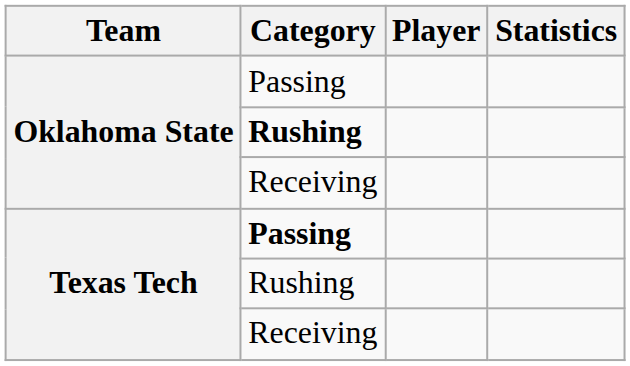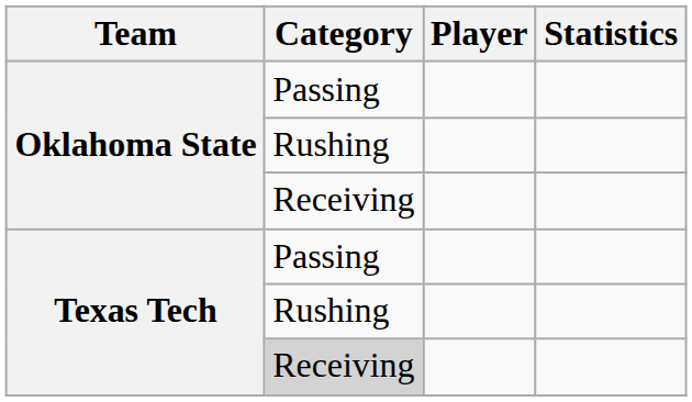 <table class="wikitable" style="float:right">
 <tr>
 <th>Team</th>
 <th>Category</th>
 <th>Player</th>
 <th>Statistics</th>
 </tr>
 <tr>
 <th rowspan=3>Oklahoma State</th>
 <td>Passing</td>
 <td></td>
 <td></td>
 </tr>
 <tr>
-<td><strong>Rushing</strong></td>
+<td>Rushing</td>
 <td></td>
 <td></td>
 </tr>
 <tr>
 <td>Receiving</td>
 <td></td>
 <td></td>
 </tr>
 <tr>
 <th rowspan=3>Texas Tech</th>
-<td><strong>Passing</strong></td>
+<td>Passing</td>
 <td></td>
 <td></td>
 </tr>
 <tr>
 <td>Rushing</td>
 <td></td>
 <td></td>
 </tr>
 <tr>
-<td>Receiving</td>
+<td style="background: lightgrey;">Receiving</td>
 <td></td>
 <td></td>
 </tr>
 </table>
